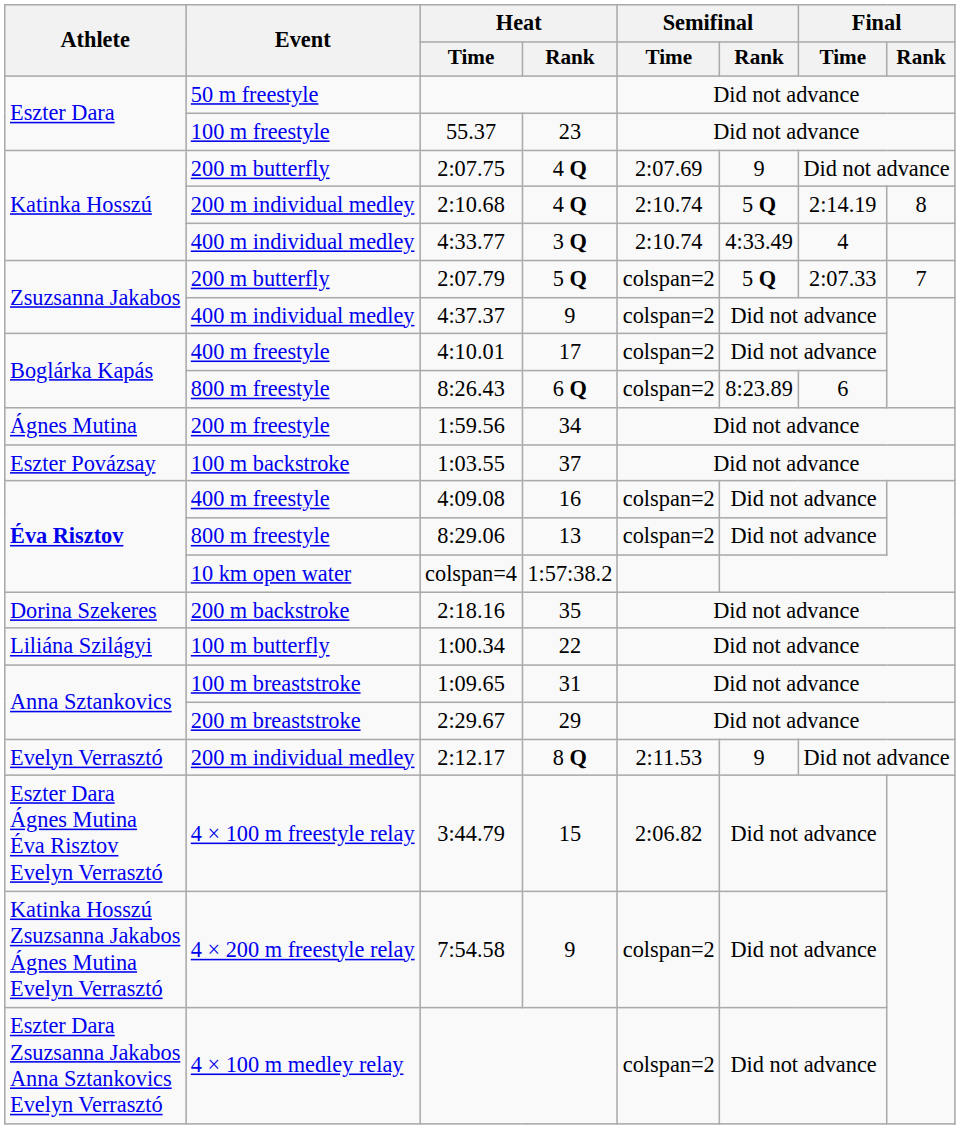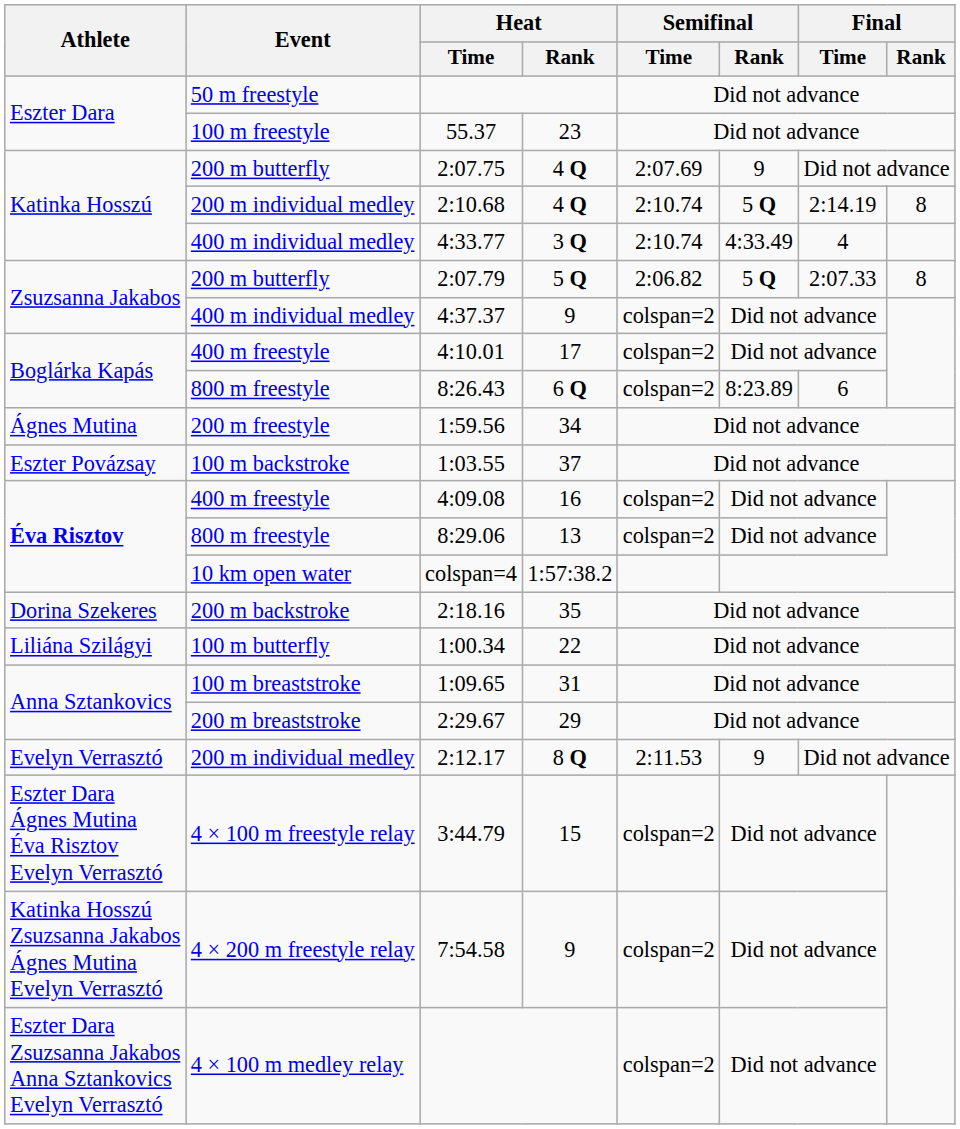 <table class=wikitable style="font-size:90%;">
 <tr>
 <th rowspan=2>Athlete</th>
 <th rowspan=2>Event</th>
 <th colspan=2>Heat</th>
 <th colspan=2>Semifinal</th>
 <th colspan=2>Final</th>
 </tr>
 <tr style="font-size:95%">
 <th>Time</th>
 <th>Rank</th>
 <th>Time</th>
 <th>Rank</th>
 <th>Time</th>
 <th>Rank</th>
 </tr>
 <tr align=center>
 <td rowspan=2 align=left><a href='#'>Eszter Dara</a></td>
 <td align=left><a href='#'>50 m freestyle</a></td>
 <td colspan=2></td>
 <td colspan=4>Did not advance</td>
 </tr>
 <tr align=center>
 <td align=left><a href='#'>100 m freestyle</a></td>
 <td>55.37</td>
 <td>23</td>
 <td colspan=4>Did not advance</td>
 </tr>
 <tr align=center>
 <td rowspan=3 align=left><a href='#'>Katinka Hosszú</a></td>
 <td align=left><a href='#'>200 m butterfly</a></td>
 <td>2:07.75</td>
 <td>4 <strong>Q</strong></td>
 <td>2:07.69</td>
 <td>9</td>
 <td colspan=2>Did not advance</td>
 </tr>
 <tr align=center>
 <td align=left><a href='#'>200 m individual medley</a></td>
 <td>2:10.68</td>
 <td>4 <strong>Q</strong></td>
 <td>2:10.74</td>
 <td>5 <strong>Q</strong></td>
 <td>2:14.19</td>
 <td>8</td>
 </tr>
 <tr align=center>
 <td align=left><a href='#'>400 m individual medley</a></td>
 <td>4:33.77</td>
 <td>3 <strong>Q</strong></td>
 <td>2:10.74</td>
 <td>4:33.49</td>
 <td>4</td>
 </tr>
 <tr align=center>
 <td rowspan=2 align=left><a href='#'>Zsuzsanna Jakabos</a></td>
 <td align=left><a href='#'>200 m butterfly</a></td>
 <td>2:07.79</td>
 <td>5 <strong>Q</strong></td>
-<td>colspan=2 </td>
+<td>2:06.82</td>
 <td>5 <strong>Q</strong></td>
 <td>2:07.33</td>
-<td>7</td>
+<td>8</td>
 </tr>
 <tr align=center>
 <td align=left><a href='#'>400 m individual medley</a></td>
 <td>4:37.37</td>
 <td>9</td>
 <td>colspan=2 </td>
 <td colspan=2>Did not advance</td>
 </tr>
 <tr align=center>
 <td rowspan=2 align=left><a href='#'>Boglárka Kapás</a></td>
 <td align=left><a href='#'>400 m freestyle</a></td>
 <td>4:10.01</td>
 <td>17</td>
 <td>colspan=2 </td>
 <td colspan=2>Did not advance</td>
 </tr>
 <tr align=center>
 <td align=left><a href='#'>800 m freestyle</a></td>
 <td>8:26.43</td>
 <td>6 <strong>Q</strong></td>
 <td>colspan=2 </td>
 <td>8:23.89</td>
 <td>6</td>
 </tr>
 <tr align=center>
 <td align=left><a href='#'>Ágnes Mutina</a></td>
 <td align=left><a href='#'>200 m freestyle</a></td>
 <td>1:59.56</td>
 <td>34</td>
 <td colspan=4>Did not advance</td>
 </tr>
 <tr align=center>
 <td align=left><a href='#'>Eszter Povázsay</a></td>
 <td align=left><a href='#'>100 m backstroke</a></td>
 <td>1:03.55</td>
 <td>37</td>
 <td colspan=4>Did not advance</td>
 </tr>
 <tr align=center>
 <td rowspan=3 align=left><strong><a href='#'>Éva Risztov</a></strong></td>
 <td align=left><a href='#'>400 m freestyle</a></td>
 <td>4:09.08</td>
 <td>16</td>
 <td>colspan=2 </td>
 <td colspan=2>Did not advance</td>
 </tr>
 <tr align=center>
 <td align=left><a href='#'>800 m freestyle</a></td>
 <td>8:29.06</td>
 <td>13</td>
 <td>colspan=2 </td>
 <td colspan=2>Did not advance</td>
 </tr>
 <tr align=center>
 <td align=left><a href='#'>10 km open water</a></td>
 <td>colspan=4 </td>
 <td>1:57:38.2</td>
 <td></td>
 </tr>
 <tr align=center>
 <td align=left><a href='#'>Dorina Szekeres</a></td>
 <td align=left><a href='#'>200 m backstroke</a></td>
 <td>2:18.16</td>
 <td>35</td>
 <td colspan=4>Did not advance</td>
 </tr>
 <tr align=center>
 <td align=left><a href='#'>Liliána Szilágyi</a></td>
 <td align=left><a href='#'>100 m butterfly</a></td>
 <td>1:00.34</td>
 <td>22</td>
 <td colspan=4>Did not advance</td>
 </tr>
 <tr align=center>
 <td rowspan=2 align=left><a href='#'>Anna Sztankovics</a></td>
 <td align=left><a href='#'>100 m breaststroke</a></td>
 <td>1:09.65</td>
 <td>31</td>
 <td colspan=4>Did not advance</td>
 </tr>
 <tr align=center>
 <td align=left><a href='#'>200 m breaststroke</a></td>
 <td>2:29.67</td>
 <td>29</td>
 <td colspan=4>Did not advance</td>
 </tr>
 <tr align=center>
 <td align=left><a href='#'>Evelyn Verrasztó</a></td>
 <td align=left><a href='#'>200 m individual medley</a></td>
 <td>2:12.17</td>
 <td>8 <strong>Q</strong></td>
 <td>2:11.53</td>
 <td>9</td>
 <td colspan=2>Did not advance</td>
 </tr>
 <tr align=center>
 <td align=left><a href='#'>Eszter Dara</a><br><a href='#'>Ágnes Mutina</a><br><a href='#'>Éva Risztov</a><br><a href='#'>Evelyn Verrasztó</a></td>
 <td align=left><a href='#'>4 × 100 m freestyle relay</a></td>
 <td>3:44.79</td>
 <td>15</td>
-<td>2:06.82</td>
+<td>colspan=2 </td>
 <td colspan=2>Did not advance</td>
 </tr>
 <tr align=center>
 <td align=left><a href='#'>Katinka Hosszú</a><br><a href='#'>Zsuzsanna Jakabos</a><br><a href='#'>Ágnes Mutina</a><br><a href='#'>Evelyn Verrasztó</a></td>
 <td align=left><a href='#'>4 × 200 m freestyle relay</a></td>
 <td>7:54.58</td>
 <td>9</td>
 <td>colspan=2 </td>
 <td colspan=2>Did not advance</td>
 </tr>
 <tr align=center>
 <td align=left><a href='#'>Eszter Dara</a><br><a href='#'>Zsuzsanna Jakabos</a><br><a href='#'>Anna Sztankovics</a><br><a href='#'>Evelyn Verrasztó</a></td>
 <td align=left><a href='#'>4 × 100 m medley relay</a></td>
 <td colspan=2></td>
 <td>colspan=2 </td>
 <td colspan=2>Did not advance</td>
 </tr>
 </table>
